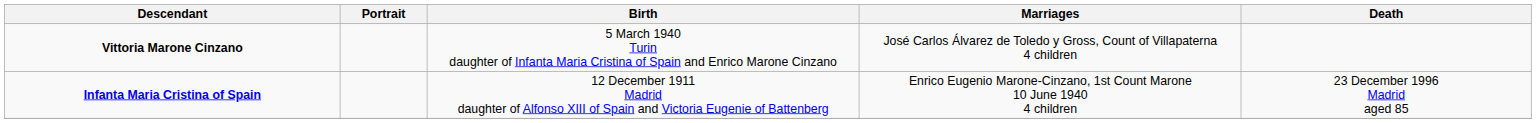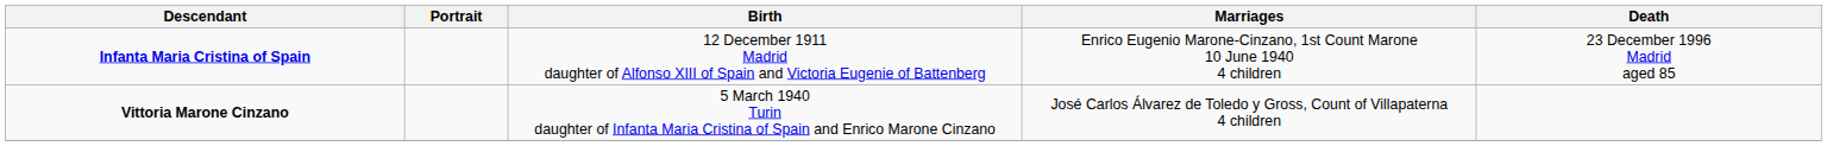 <table style="text-align:center; width:100%" class="wikitable">
 <tr>
 <th width=22%>Descendant</th>
 <th width=105px>Portrait</th>
 <th>Birth</th>
 <th width=25%>Marriages</th>
 <th width=19%>Death</th>
 </tr>
 <tr>
+<td><strong><a href='#'>Infanta Maria Cristina of Spain</a></strong></td>
+<td></td>
+<td>12 December 1911 <br><a href='#'>Madrid</a><br>daughter of <a href='#'>Alfonso XIII of Spain</a> and <a href='#'>Victoria Eugenie of Battenberg</a></td>
+<td>Enrico Eugenio Marone-Cinzano, 1st Count Marone<br>10 June 1940<br>4 children</td>
+<td>23 December 1996<br><a href='#'>Madrid</a><br>aged 85</td>
+</tr>
+<tr>
 <td><strong>Vittoria Marone Cinzano</strong></td>
 <td></td>
 <td>5 March 1940 <br><a href='#'>Turin</a><br>daughter of <a href='#'>Infanta Maria Cristina of Spain</a> and Enrico Marone Cinzano</td>
 <td>José Carlos Álvarez de Toledo y Gross, Count of Villapaterna<br>4 children</td>
 <td></td>
 </tr>
 <tr>
-<td><strong><a href='#'>Infanta Maria Cristina of Spain</a></strong></td>
-<td></td>
-<td>12 December 1911 <br><a href='#'>Madrid</a><br>daughter of <a href='#'>Alfonso XIII of Spain</a> and <a href='#'>Victoria Eugenie of Battenberg</a></td>
-<td>Enrico Eugenio Marone-Cinzano, 1st Count Marone<br>10 June 1940<br>4 children</td>
-<td>23 December 1996<br><a href='#'>Madrid</a><br>aged 85</td>
-</tr>
-<tr>
 </tr>
 </table>
